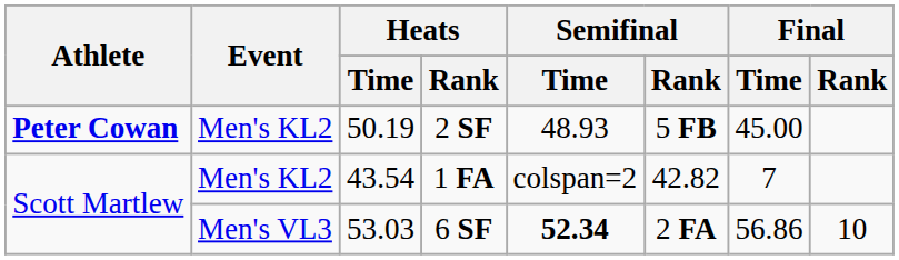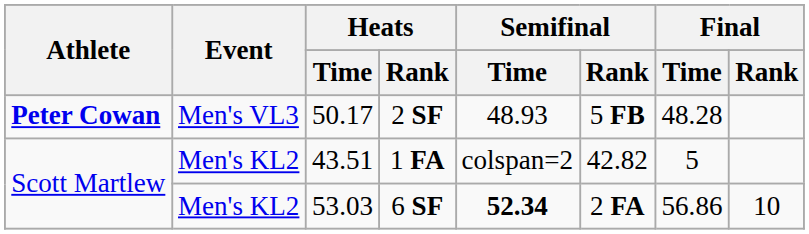 <table class="wikitable" style="font-size:90%">
 <tr>
 <th rowspan="2">Athlete</th>
 <th rowspan="2">Event</th>
 <th colspan="2">Heats</th>
 <th colspan="2">Semifinal</th>
 <th colspan="2">Final</th>
 </tr>
 <tr>
 <th>Time</th>
 <th>Rank</th>
 <th>Time</th>
 <th>Rank</th>
 <th>Time</th>
 <th>Rank</th>
 </tr>
 <tr align=center>
 <td align=left><strong><a href='#'>Peter Cowan</a></strong></td>
-<td align=left><a href='#'>Men's KL2</a></td>
-<td>50.19</td>
+<td align=left><a href='#'>Men's VL3</a></td>
+<td>50.17</td>
 <td>2 <strong>SF</strong></td>
 <td>48.93</td>
 <td>5 <strong>FB</strong></td>
-<td>45.00</td>
+<td>48.28</td>
 <td></td>
 </tr>
 <tr align=center>
 <td align=left rowspan=2><a href='#'>Scott Martlew</a></td>
 <td align=left><a href='#'>Men's KL2</a></td>
-<td>43.54</td>
+<td>43.51</td>
 <td>1 <strong>FA</strong></td>
 <td>colspan=2 </td>
 <td>42.82</td>
-<td>7</td>
+<td>5</td>
 </tr>
 <tr align=center>
-<td align=left><a href='#'>Men's VL3</a></td>
+<td align=left><a href='#'>Men's KL2</a></td>
 <td>53.03</td>
 <td>6 <strong>SF</strong></td>
 <td><strong>52.34</strong></td>
 <td>2 <strong>FA</strong></td>
 <td>56.86</td>
 <td>10</td>
 </tr>
 </table>
